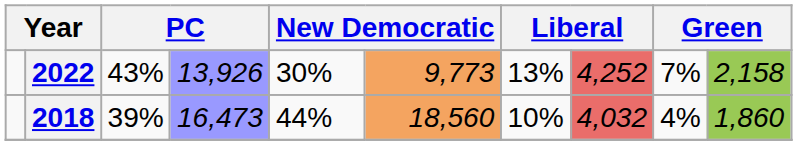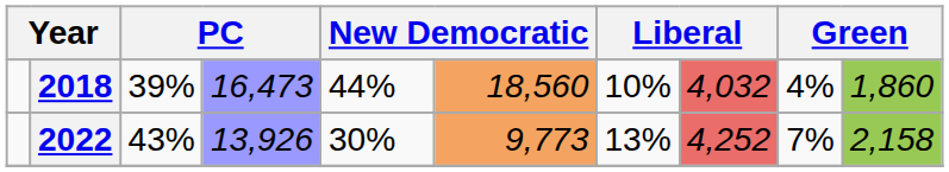 <table class="wikitable" style="float:right; width:400; font-size:90%; margin-left:1em;">
 <tr>
 <th colspan="2" scope="col">Year</th>
 <th colspan="2" scope="col"><a href='#'>PC</a></th>
 <th colspan="2" scope="col"><a href='#'>New Democratic</a></th>
 <th colspan="2" scope="col"><a href='#'>Liberal</a></th>
 <th colspan="2" scope="col"><a href='#'>Green</a></th>
+</tr>
+<tr>
+<td style="width: 0.25em; background-color: "></td>
+<th><a href='#'>2018</a></th>
+<td>39%</td>
+<td style="text-align:right; background:#9999FF;"><em>16,473</em></td>
+<td>44%</td>
+<td style="text-align:right; background:#F4A460;"><em>18,560</em></td>
+<td>10%</td>
+<td style="text-align:right; background:#EA6D6A;"><em>4,032</em></td>
+<td>4%</td>
+<td style="text-align:right; background:#99C955;"><em>1,860</em></td>
 </tr>
 <tr>
 <td style="width: 0.25em; background-color: "></td>
 <th><a href='#'>2022</a></th>
 <td>43%</td>
 <td style="text-align:right; background:#9999FF;"><em>13,926</em></td>
 <td>30%</td>
 <td style="text-align:right; background:#F4A460;"><em>9,773</em></td>
 <td>13%</td>
 <td style="text-align:right; background:#EA6D6A;"><em>4,252</em></td>
 <td>7%</td>
 <td style="text-align:right; background:#99C955;"><em>2,158</em></td>
 </tr>
 <tr>
-<td style="width: 0.25em; background-color: "></td>
-<th><a href='#'>2018</a></th>
-<td>39%</td>
-<td style="text-align:right; background:#9999FF;"><em>16,473</em></td>
-<td>44%</td>
-<td style="text-align:right; background:#F4A460;"><em>18,560</em></td>
-<td>10%</td>
-<td style="text-align:right; background:#EA6D6A;"><em>4,032</em></td>
-<td>4%</td>
-<td style="text-align:right; background:#99C955;"><em>1,860</em></td>
-</tr>
-<tr>
 </tr>
 </table>
